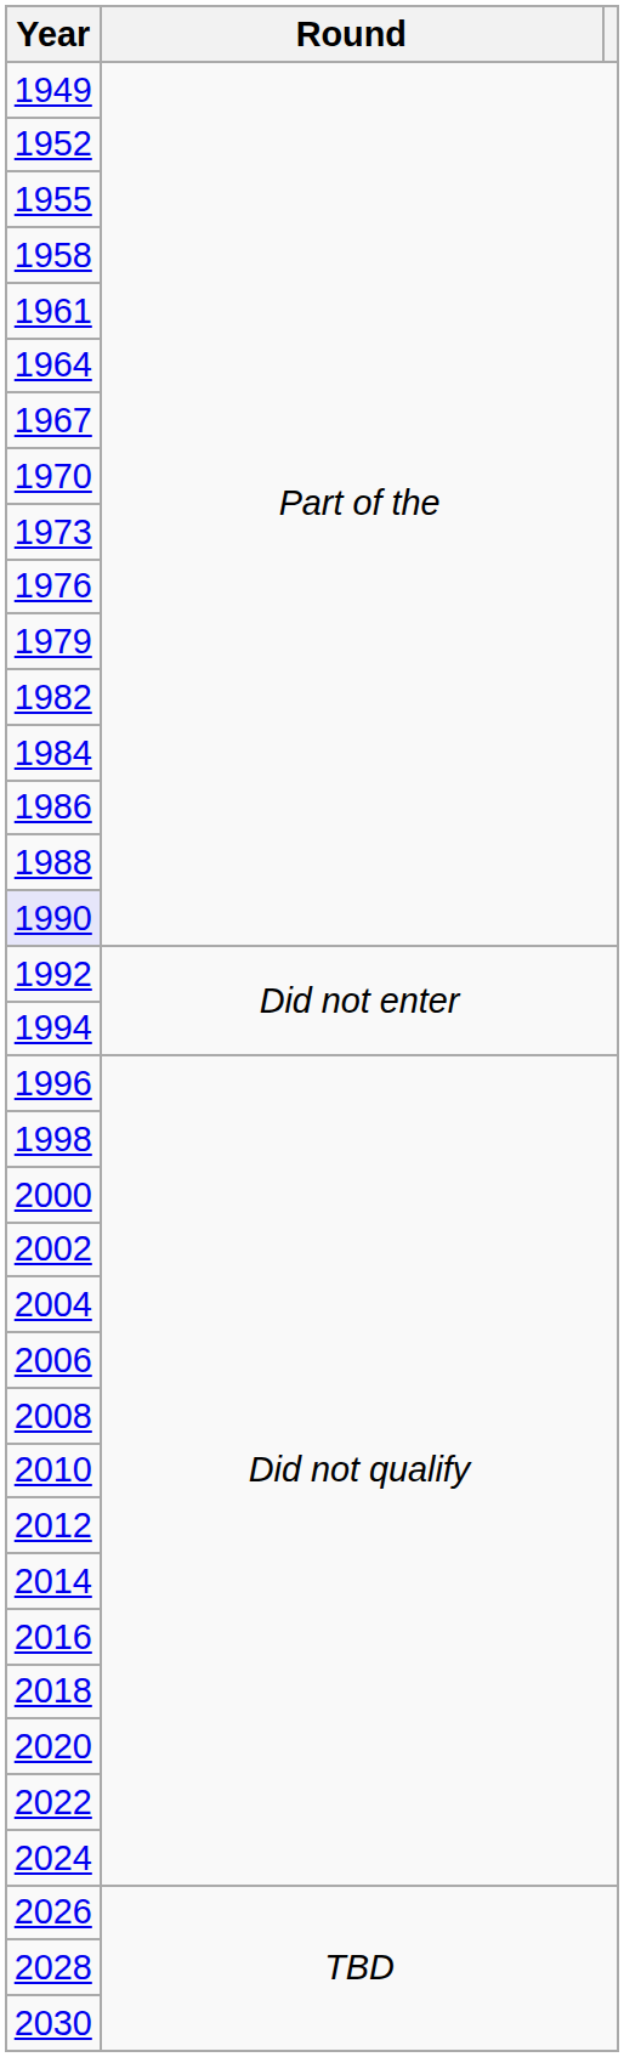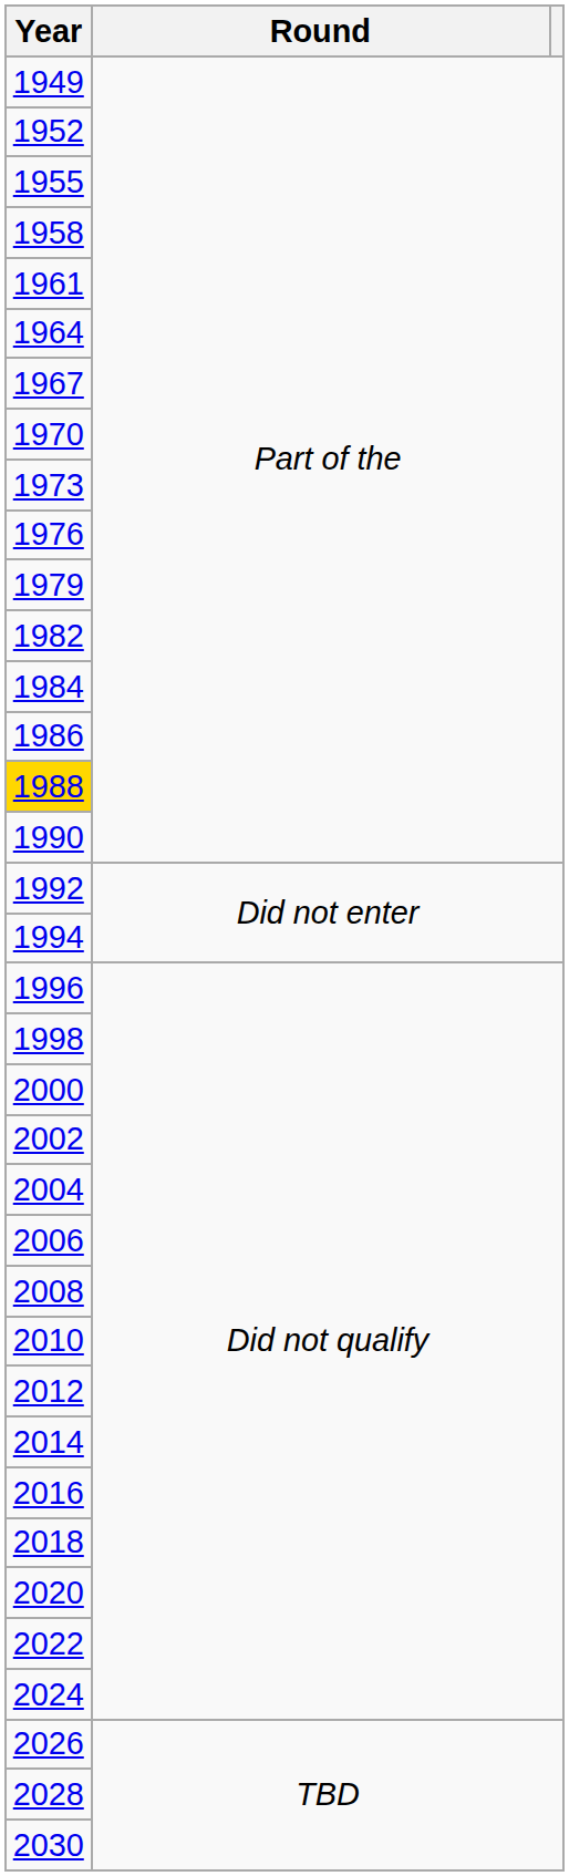 <table class="wikitable" style="text-align: center; font-size:90%">
 <tr>
 <th>Year</th>
 <th style="width:200px">Round</th>
 <th></th>
 </tr>
 <tr>
 <td><a href='#'>1949</a></td>
 <td colspan="2" rowspan="16"><em>Part of the </em></td>
 </tr>
 <tr>
 <td><a href='#'>1952</a></td>
 </tr>
 <tr>
 <td><a href='#'>1955</a></td>
 </tr>
 <tr>
 <td><a href='#'>1958</a></td>
 </tr>
 <tr>
 <td><a href='#'>1961</a></td>
 </tr>
 <tr>
 <td><a href='#'>1964</a></td>
 </tr>
 <tr>
 <td><a href='#'>1967</a></td>
 </tr>
 <tr>
 <td><a href='#'>1970</a></td>
 </tr>
 <tr>
 <td><a href='#'>1973</a></td>
 </tr>
 <tr>
 <td><a href='#'>1976</a></td>
 </tr>
 <tr>
 <td><a href='#'>1979</a></td>
 </tr>
 <tr>
 <td><a href='#'>1982</a></td>
 </tr>
 <tr>
 <td><a href='#'>1984</a></td>
 </tr>
 <tr>
 <td><a href='#'>1986</a></td>
 </tr>
 <tr>
-<td><a href='#'>1988</a></td>
+<td style="background: gold;"><a href='#'>1988</a></td>
 </tr>
 <tr>
-<td style="background: lavender;"><a href='#'>1990</a></td>
+<td><a href='#'>1990</a></td>
 </tr>
 <tr>
 <td><a href='#'>1992</a></td>
 <td colspan="2" rowspan="2"><em>Did not enter</em></td>
 </tr>
 <tr>
 <td><a href='#'>1994</a></td>
 </tr>
 <tr>
 <td><a href='#'>1996</a></td>
 <td colspan="2" rowspan="15"><em>Did not qualify</em></td>
 </tr>
 <tr>
 <td><a href='#'>1998</a></td>
 </tr>
 <tr>
 <td><a href='#'>2000</a></td>
 </tr>
 <tr>
 <td><a href='#'>2002</a></td>
 </tr>
 <tr>
 <td><a href='#'>2004</a></td>
 </tr>
 <tr>
 <td><a href='#'>2006</a></td>
 </tr>
 <tr>
 <td><a href='#'>2008</a></td>
 </tr>
 <tr>
 <td><a href='#'>2010</a></td>
 </tr>
 <tr>
 <td><a href='#'>2012</a></td>
 </tr>
 <tr>
 <td><a href='#'>2014</a></td>
 </tr>
 <tr>
 <td><a href='#'>2016</a></td>
 </tr>
 <tr>
 <td><a href='#'>2018</a></td>
 </tr>
 <tr>
 <td><a href='#'>2020</a></td>
 </tr>
 <tr>
 <td><a href='#'>2022</a></td>
 </tr>
 <tr>
 <td><a href='#'>2024</a></td>
 </tr>
 <tr>
 <td><a href='#'>2026</a></td>
 <td colspan="2" rowspan="3"><em>TBD</em></td>
 </tr>
 <tr>
 <td><a href='#'>2028</a></td>
 </tr>
 <tr>
 <td><a href='#'>2030</a></td>
 </tr>
 </table>
